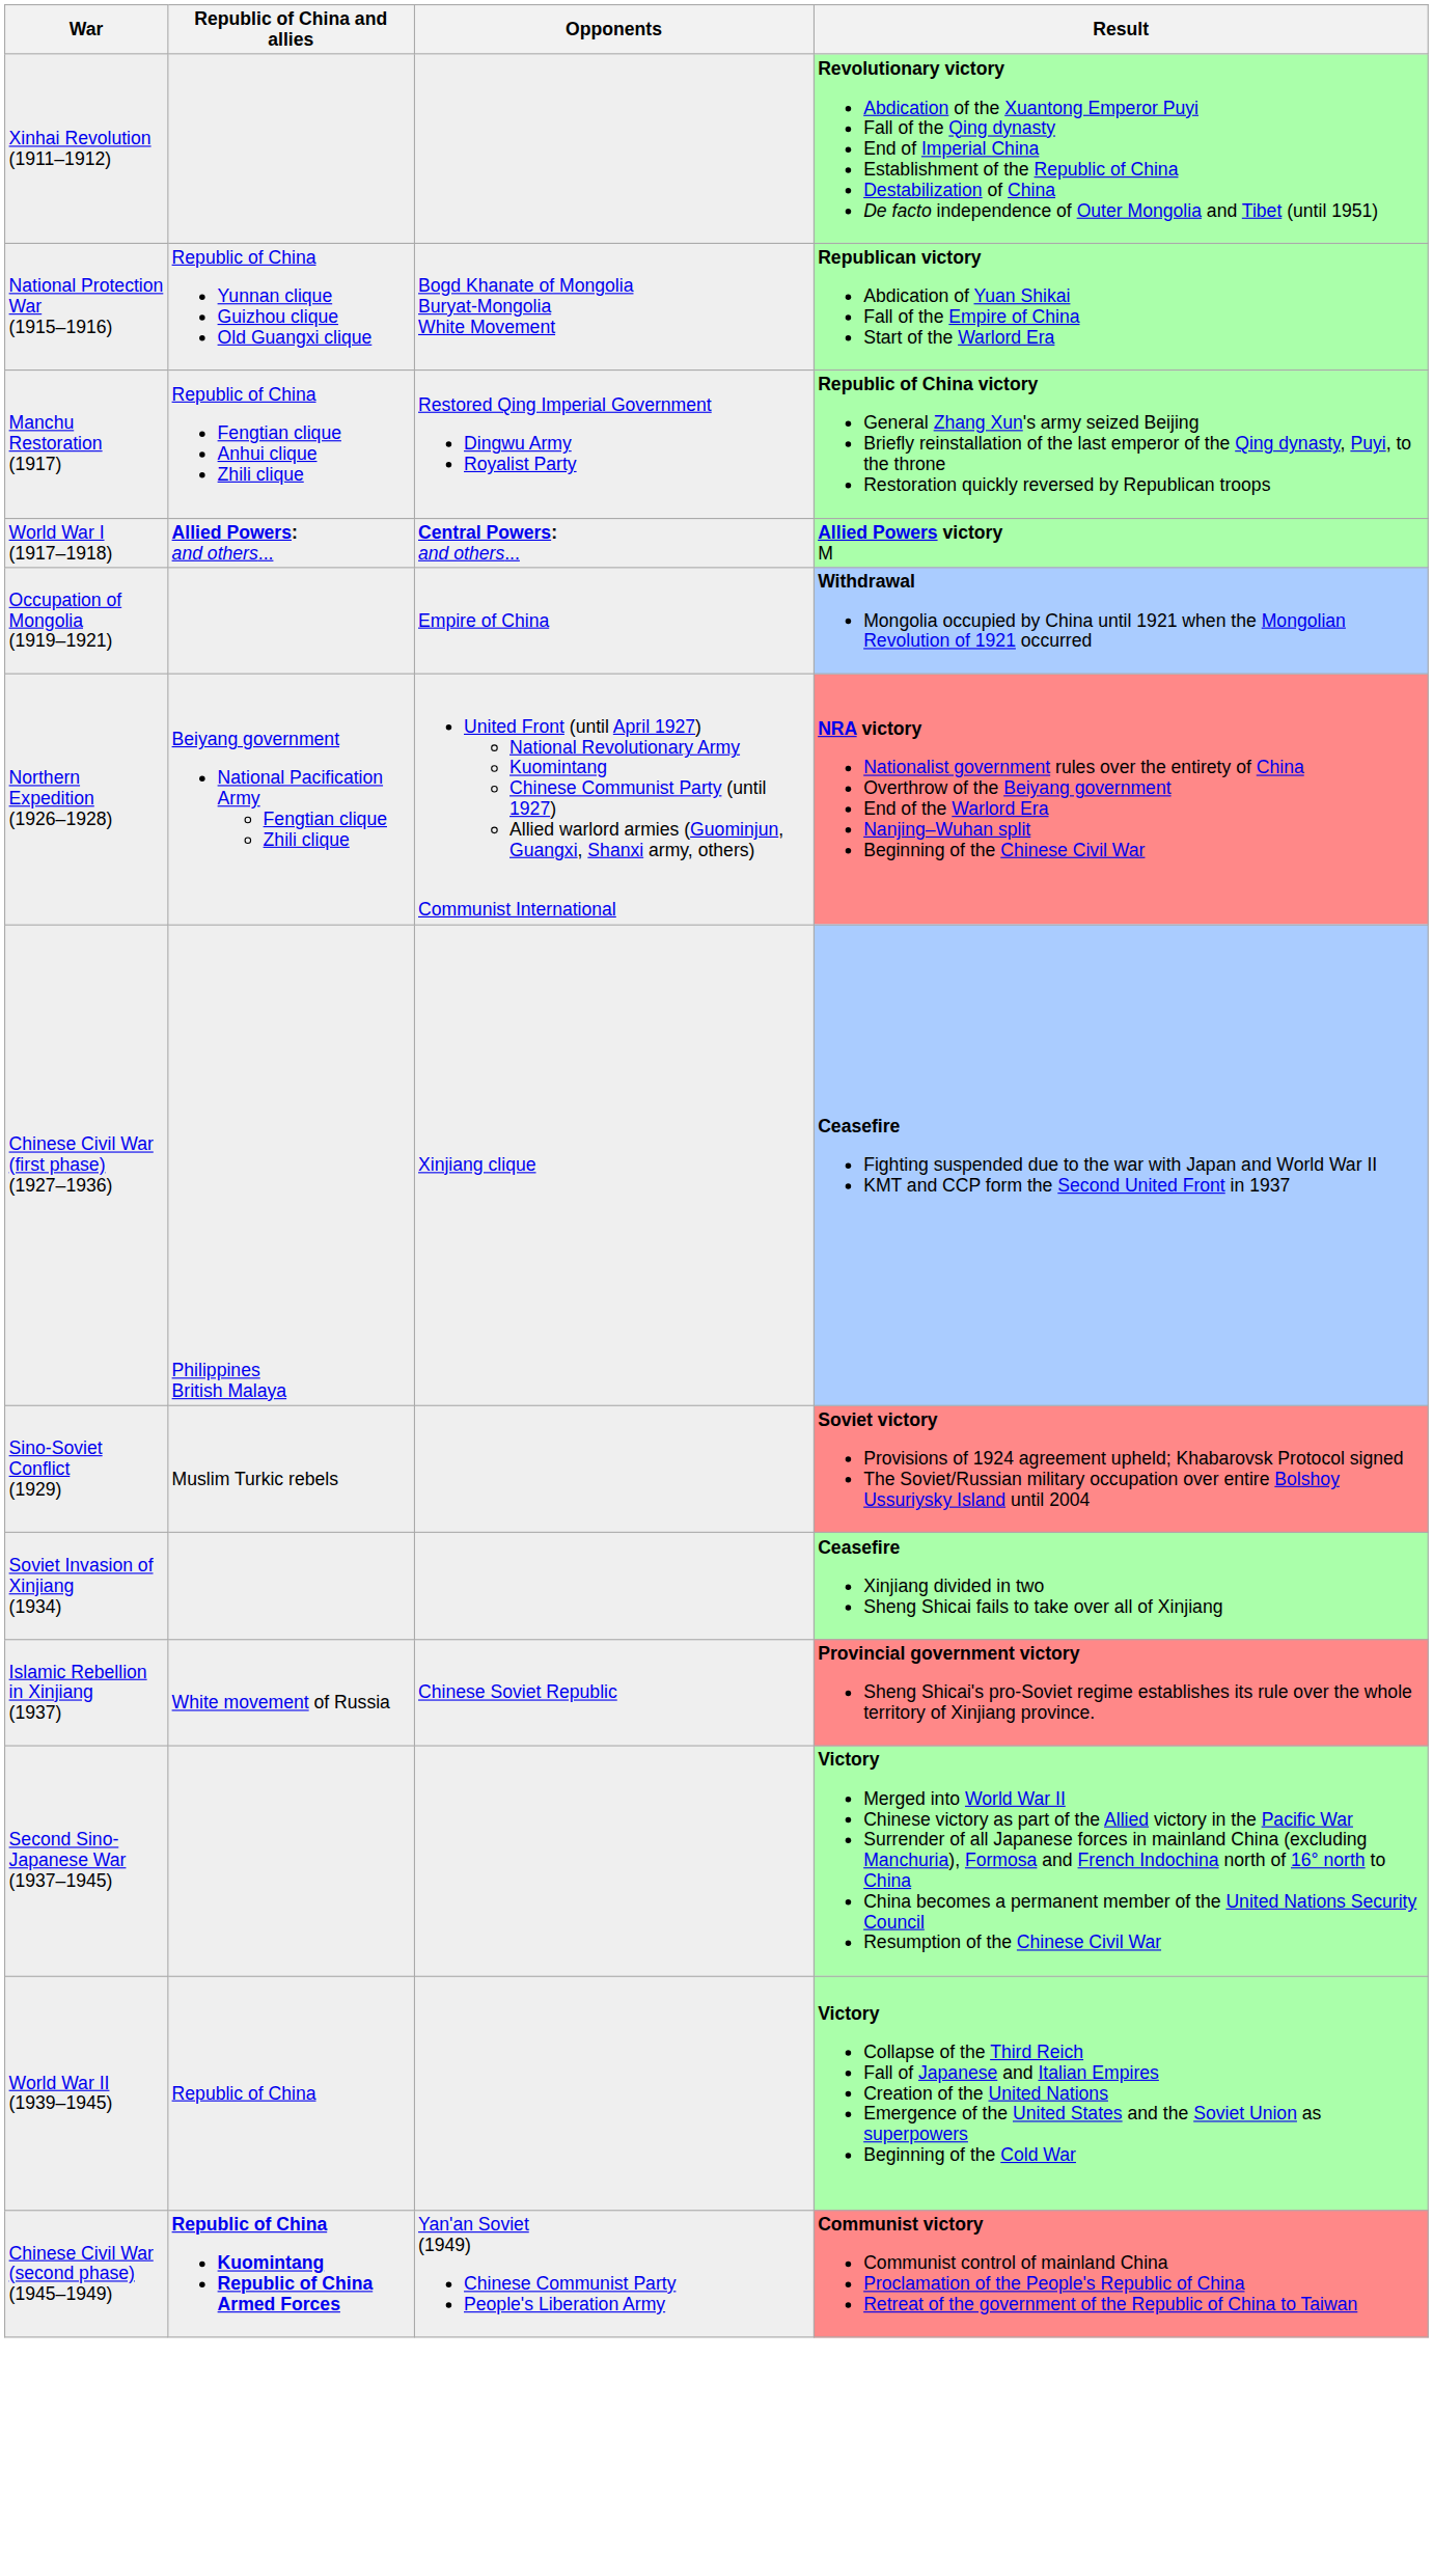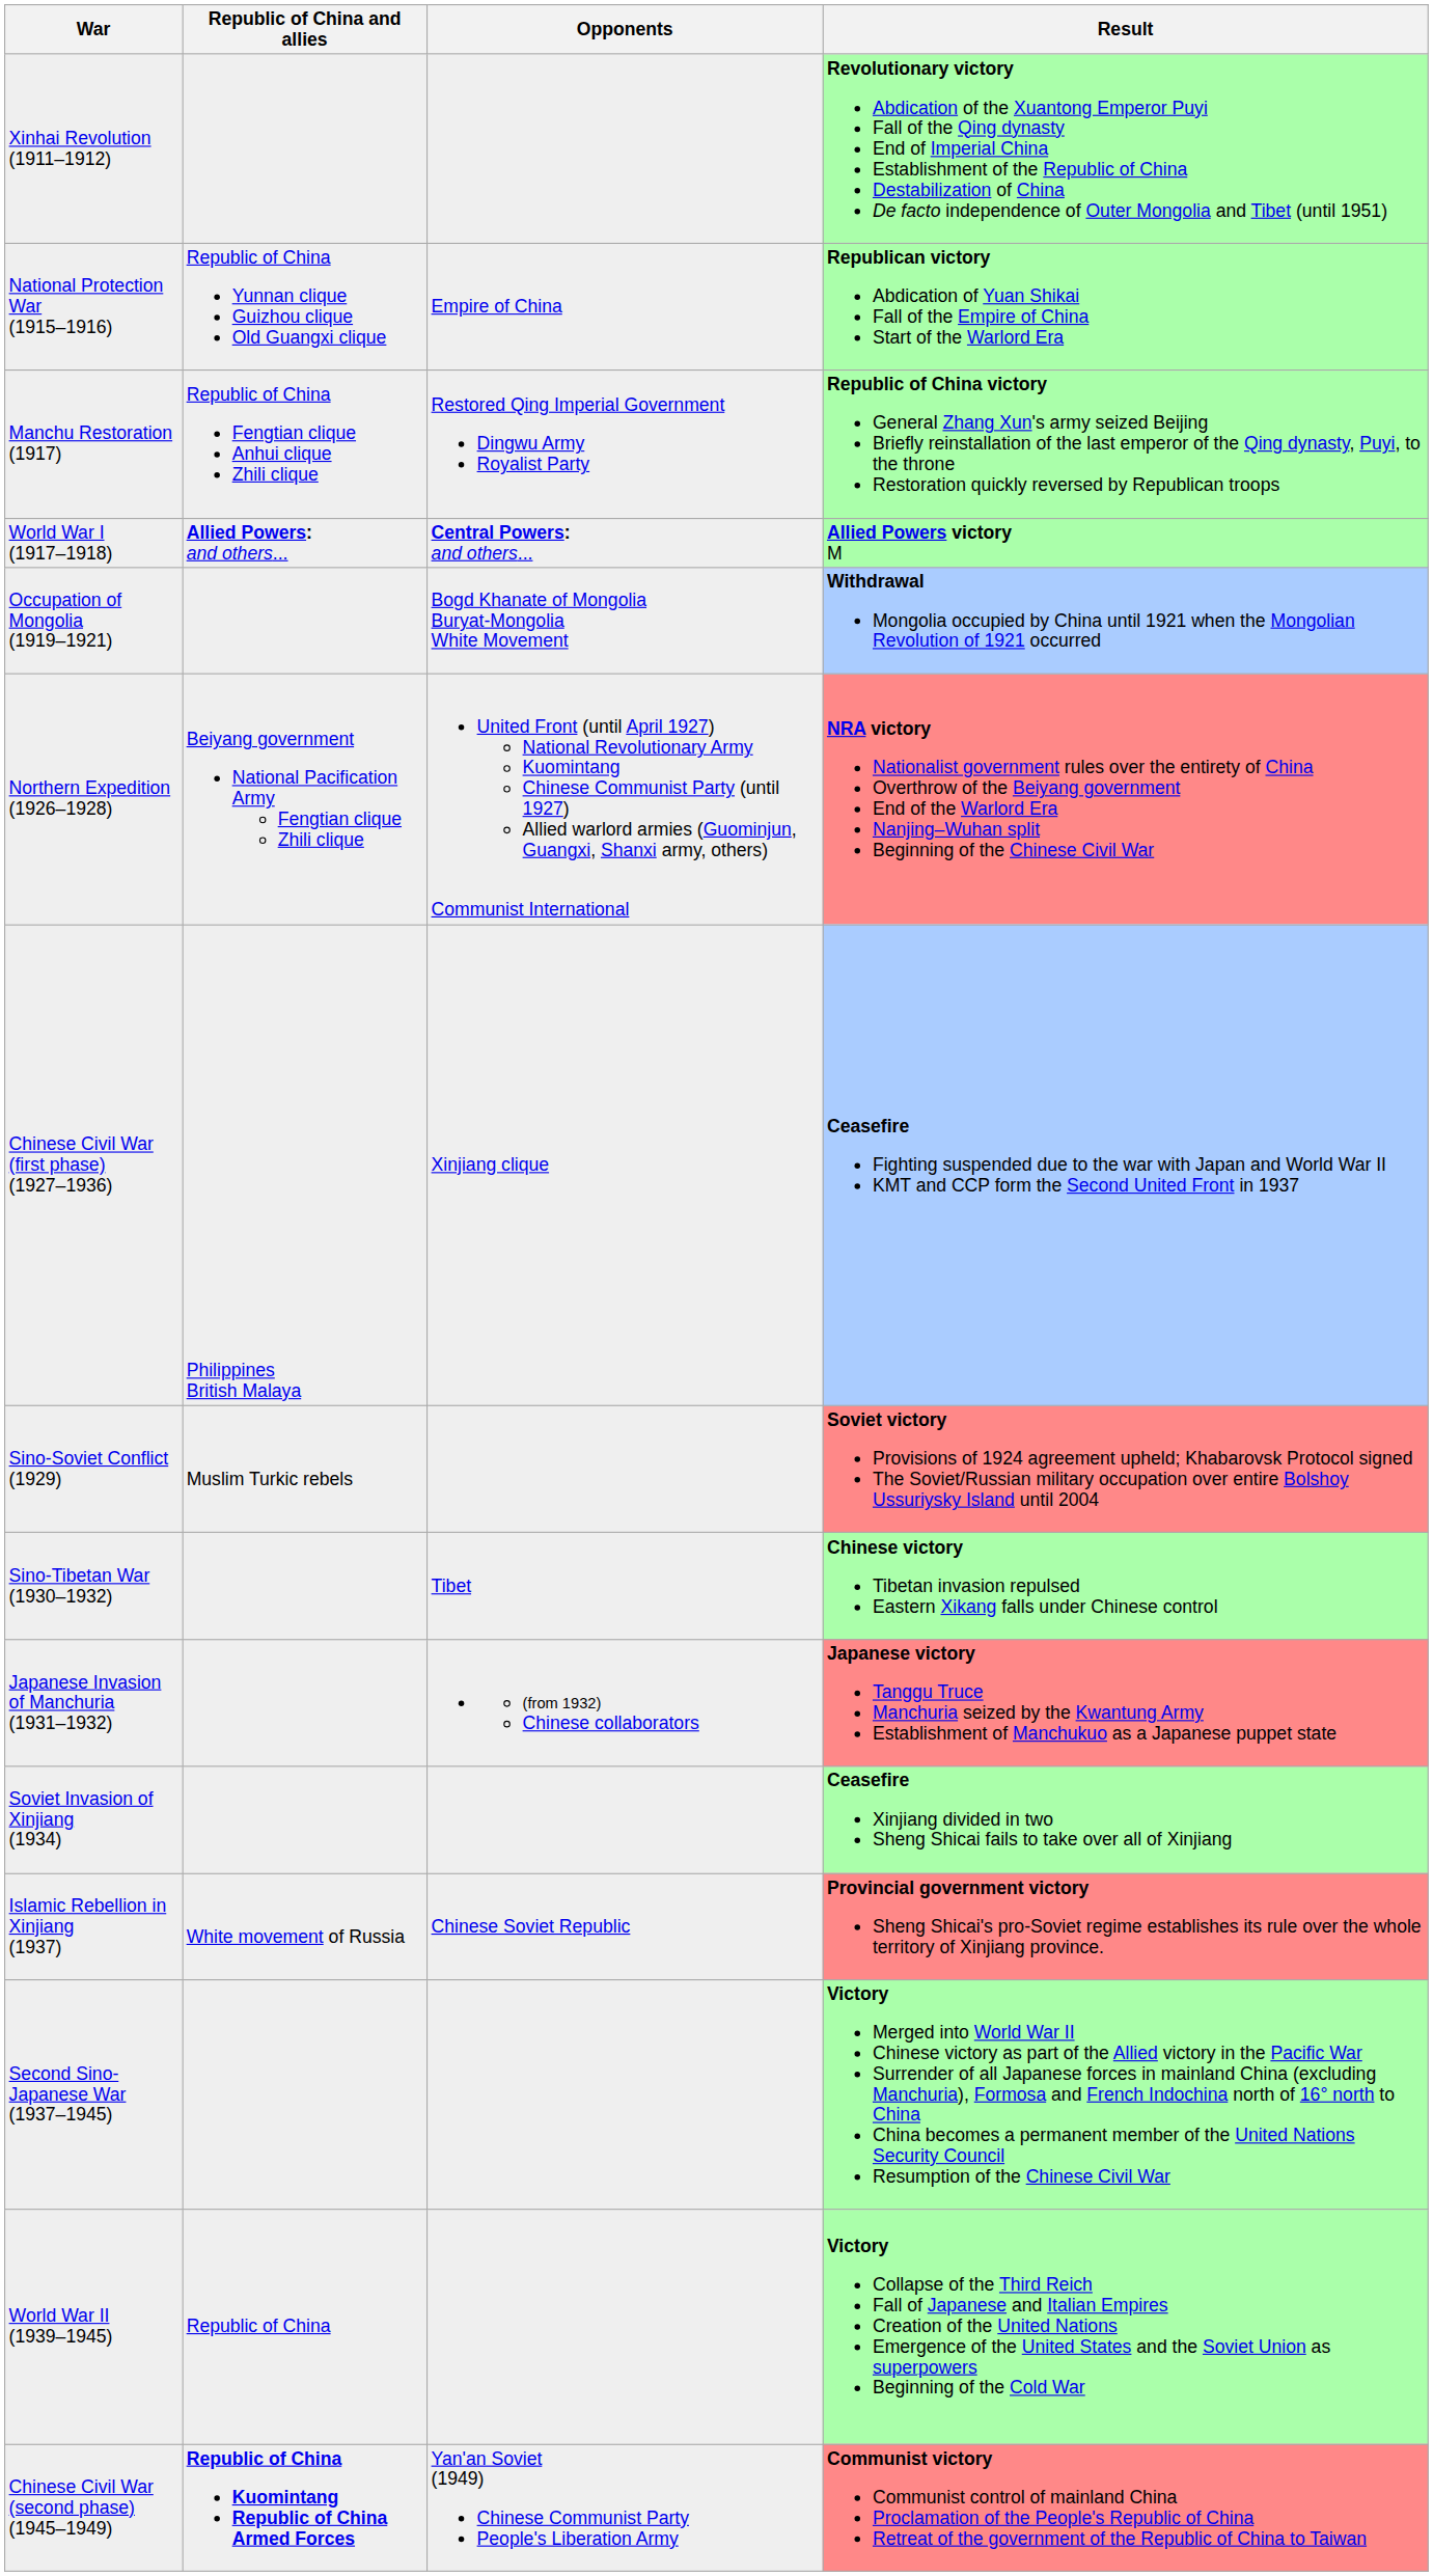 <table class="wikitable">
 <tr>
 <th>War</th>
 <th>Republic of China and allies</th>
 <th>Opponents</th>
 <th>Result</th>
 </tr>
 <tr>
 <td style="background:#efefef"><a href='#'>Xinhai Revolution</a><br>(1911–1912)</td>
 <td style="background:#efefef"></td>
 <td style="background:#efefef"><br></td>
 <td style="background:#AFA"><strong>Revolutionary victory</strong><br><ul><li><a href='#'>Abdication</a> of the <a href='#'>Xuantong Emperor Puyi</a></li><li>Fall of the <a href='#'>Qing dynasty</a></li><li>End of <a href='#'>Imperial China</a></li><li>Establishment of the <a href='#'>Republic of China</a></li><li><a href='#'>Destabilization</a> of <a href='#'>China</a></li><li><em>De facto</em> independence of <a href='#'>Outer Mongolia</a> and <a href='#'>Tibet</a> (until 1951)</li></ul></td>
 </tr>
 <tr>
 <td style="background:#efefef"><a href='#'>National Protection War</a><br>(1915–1916)</td>
 <td style="background:#efefef"> <a href='#'>Republic of China</a><br><ul><li><a href='#'>Yunnan clique</a></li><li><a href='#'>Guizhou clique</a></li><li><a href='#'>Old Guangxi clique</a></li></ul></td>
-<td style="background:#efefef"> <a href='#'>Bogd Khanate of Mongolia</a><br><a href='#'>Buryat-Mongolia</a><br> <a href='#'>White Movement</a></td>
+<td style="background:#efefef"> <a href='#'>Empire of China</a></td>
 <td style="background:#AFA"><strong>Republican victory</strong><br><ul><li>Abdication of <a href='#'>Yuan Shikai</a></li><li>Fall of the <a href='#'>Empire of China</a></li><li>Start of the <a href='#'>Warlord Era</a></li></ul></td>
 </tr>
 <tr>
 <td style="background:#efefef"><a href='#'>Manchu Restoration</a><br>(1917)</td>
 <td style="background:#efefef"> <a href='#'>Republic of China</a><br><ul><li> <a href='#'>Fengtian clique</a></li><li> <a href='#'>Anhui clique</a></li><li> <a href='#'>Zhili clique</a></li></ul></td>
 <td style="background:#efefef"> <a href='#'>Restored Qing Imperial Government</a><br><ul><li> <a href='#'>Dingwu Army</a></li><li> <a href='#'>Royalist Party</a> </li></ul></td>
 <td style="background:#AFA"><strong>Republic of China victory</strong><br><ul><li>General <a href='#'>Zhang Xun</a>'s army seized Beijing</li><li>Briefly reinstallation of the last emperor of the <a href='#'>Qing dynasty</a>, <a href='#'>Puyi</a>, to the throne</li><li>Restoration quickly reversed by Republican troops</li></ul></td>
 </tr>
 <tr>
 <td style="background:#efefef"><a href='#'>World War I</a><br>(1917–1918)</td>
 <td style="background:#efefef"><strong><a href='#'>Allied Powers</a>:</strong><br>  <a href='#'><em>and others</em>...</a></td>
 <td style="background:#efefef"><strong><a href='#'>Central Powers</a>:</strong><br><a href='#'><em>and others</em>...</a></td>
 <td style="background:#AFA"><strong><a href='#'>Allied Powers</a> victory </strong><br> M</td>
 </tr>
 <tr>
 <td style="background:#efefef"><a href='#'>Occupation of Mongolia</a><br>(1919–1921)</td>
 <td style="background:#efefef"></td>
-<td style="background:#efefef"> <a href='#'>Empire of China</a></td>
+<td style="background:#efefef"> <a href='#'>Bogd Khanate of Mongolia</a><br><a href='#'>Buryat-Mongolia</a><br> <a href='#'>White Movement</a></td>
 <td style="background:#ACF"><strong>Withdrawal</strong><br><ul><li>Mongolia occupied by China until 1921 when the <a href='#'>Mongolian Revolution of 1921</a> occurred</li></ul></td>
 </tr>
 <tr>
 <td style="background:#efefef"><a href='#'>Northern Expedition</a><br>(1926–1928)</td>
 <td style="background:#efefef"> <a href='#'>Beiyang government</a><br><ul><li><a href='#'>National Pacification Army</a><ul><li><a href='#'>Fengtian clique</a></li><li><a href='#'>Zhili clique</a></li></ul></li></ul></td>
 <td style="background:#efefef"><br><ul><li><a href='#'>United Front</a> (until <a href='#'>April 1927</a>)<ul><li><a href='#'>National Revolutionary Army</a></li><li><a href='#'>Kuomintang</a></li><li><a href='#'>Chinese Communist Party</a> (until <a href='#'>1927</a>)</li><li>Allied warlord armies (<a href='#'>Guominjun</a>, <a href='#'>Guangxi</a>, <a href='#'>Shanxi</a> army, others)</li></ul></li></ul><br><a href='#'>Communist International</a></td>
 <td style="background:#F88"><strong><a href='#'>NRA</a> victory</strong><br><ul><li><a href='#'>Nationalist government</a> rules over the entirety of <a href='#'>China</a></li><li>Overthrow of the <a href='#'>Beiyang government</a></li><li>End of the <a href='#'>Warlord Era</a></li><li><a href='#'>Nanjing–Wuhan split</a></li><li>Beginning of the <a href='#'>Chinese Civil War</a></li></ul></td>
 </tr>
 <tr>
 <td style="background:#efefef"><a href='#'>Chinese Civil War<br>(first phase)</a><br>(1927–1936)</td>
 <td style="background:#efefef"><br><br><br><br><br><br><br><br><br><br><br><br><br><br><br><br><br><br><br><br><br> <a href='#'>Philippines</a><br> <a href='#'>British Malaya</a></td>
 <td style="background:#efefef"> <a href='#'>Xinjiang clique</a><br></td>
 <td style="background:#ACF"><strong>Ceasefire</strong><br><ul><li>Fighting suspended due to the war with Japan and World War II</li><li>KMT and CCP form the <a href='#'>Second United Front</a> in 1937</li></ul></td>
 </tr>
 <tr>
 <td style="background:#efefef"><a href='#'>Sino-Soviet Conflict</a><br>(1929)</td>
 <td style="background:#efefef"><br>Muslim Turkic rebels</td>
 <td style="background:#efefef"></td>
 <td style="background:#F88"><strong>Soviet victory</strong><br><ul><li>Provisions of 1924 agreement upheld; Khabarovsk Protocol signed</li><li>The Soviet/Russian military occupation over entire <a href='#'>Bolshoy Ussuriysky Island</a> until 2004</li></ul></td>
+</tr>
+<tr>
+<td style="background:#efefef"><a href='#'>Sino-Tibetan War</a><br>(1930–1932)</td>
+<td style="background:#efefef"></td>
+<td style="background:#efefef"> <a href='#'>Tibet</a></td>
+<td style="background:#AFA"><strong>Chinese victory</strong><br><ul><li>Tibetan invasion repulsed</li><li>Eastern <a href='#'>Xikang</a> falls under Chinese control</li></ul></td>
+</tr>
+<tr>
+<td style="background:#efefef"><a href='#'>Japanese Invasion of Manchuria</a><br>(1931–1932)</td>
+<td style="background:#efefef"></td>
+<td style="background:#efefef"><br><ul><li><ul><li> <small>(from 1932)</small></li><li><a href='#'>Chinese collaborators</a></li></ul></li></ul></td>
+<td style="background:#F88"><strong>Japanese victory</strong><br><ul><li><a href='#'>Tanggu Truce</a></li><li><a href='#'>Manchuria</a> seized by the <a href='#'>Kwantung Army</a></li><li>Establishment of <a href='#'>Manchukuo</a> as a Japanese puppet state</li></ul></td>
 </tr>
 <tr>
 <td style="background:#efefef"><a href='#'>Soviet Invasion of Xinjiang</a><br>(1934)</td>
 <td style="background:#efefef"></td>
 <td style="background:#efefef"></td>
 <td style="background:#AFA"><strong>Ceasefire</strong><br><ul><li>Xinjiang divided in two</li><li>Sheng Shicai fails to take over all of Xinjiang</li></ul></td>
 </tr>
 <tr>
 <td style="background:#efefef"><a href='#'>Islamic Rebellion in Xinjiang</a><br>(1937)</td>
 <td style="background:#efefef"><br> <a href='#'>White movement</a> of Russia</td>
 <td style="background:#efefef"> <a href='#'>Chinese Soviet Republic</a> <br></td>
 <td style="background:#F88"><strong>Provincial government victory</strong><br><ul><li>Sheng Shicai's pro-Soviet regime establishes its rule over the whole territory of Xinjiang province.</li></ul></td>
 </tr>
 <tr>
 <td style="background:#efefef"><a href='#'>Second Sino-Japanese War</a><br>(1937–1945)</td>
 <td style="background:#efefef"></td>
 <td style="background:#efefef"></td>
 <td style="background:#AFA"><strong>Victory</strong><br><ul><li>Merged into <a href='#'>World War II</a></li><li>Chinese victory as part of the <a href='#'>Allied</a> victory in the <a href='#'>Pacific War</a></li><li>Surrender of all Japanese forces in mainland China (excluding <a href='#'>Manchuria</a>), <a href='#'>Formosa</a> and <a href='#'>French Indochina</a> north of <a href='#'>16° north</a> to <a href='#'>China</a></li><li>China becomes a permanent member of the <a href='#'>United Nations Security Council</a></li><li>Resumption of the <a href='#'>Chinese Civil War</a></li></ul></td>
 </tr>
 <tr>
 <td style="background:#efefef"><a href='#'>World War II</a><br>(1939–1945)</td>
 <td style="background:#efefef"> <a href='#'>Republic of China</a></td>
 <td style="background:#efefef"><br><br><br><br><br><br><br><br><br><br><br></td>
 <td style="background:#AFA"><strong>Victory</strong><br><ul><li>Collapse of the <a href='#'>Third Reich</a></li><li>Fall of <a href='#'>Japanese</a> and <a href='#'>Italian Empires</a></li><li>Creation of the <a href='#'>United Nations</a></li><li>Emergence of the <a href='#'>United States</a> and the <a href='#'>Soviet Union</a> as <a href='#'>superpowers</a></li><li>Beginning of the <a href='#'>Cold War</a></li></ul></td>
 </tr>
 <tr>
 <td style="background:#efefef"><a href='#'>Chinese Civil War<br>(second phase)</a><br>(1945–1949)</td>
 <td style="background:#efefef"><strong> <a href='#'>Republic of China</a><br><ul><li> <a href='#'>Kuomintang</a></li><li> <a href='#'>Republic of China Armed Forces</a></li></ul></strong></td>
 <td style="background:#efefef"> <a href='#'>Yan'an Soviet</a><br> (1949)<ul><li> <a href='#'>Chinese Communist Party</a></li><li> <a href='#'>People's Liberation Army</a></li></ul></td>
 <td style="background:#F88"><strong>Communist victory</strong><br><ul><li>Communist control of mainland China</li><li><a href='#'>Proclamation of the People's Republic of China</a></li><li><a href='#'>Retreat of the government of the Republic of China to Taiwan</a></li></ul></td>
 </tr>
 </table>
